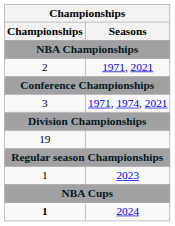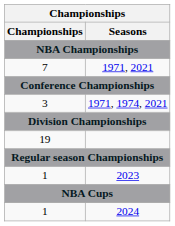 <table class="wikitable sortable" style="text-align:center">
 <tr>
 <th colspan="5">Championships</th>
 </tr>
 <tr>
 <th>Championships</th>
 <th>Seasons</th>
 </tr>
 <tr>
 <th colspan="5" style="text-align:center; background:#A1A1A4; color:#061922;">NBA Championships</th>
 </tr>
 <tr>
-<td>2</td>
+<td>7</td>
 <td><a href='#'>1971</a>, <a href='#'>2021</a></td>
 </tr>
 <tr>
 <th colspan="5" style="text-align:center; background:#A1A1A4; color:#061922;">Conference Championships</th>
 </tr>
 <tr>
 <td>3</td>
 <td><a href='#'>1971</a>, <a href='#'>1974</a>, <a href='#'>2021</a></td>
 </tr>
 <tr>
 <th colspan="5" style="text-align:center; background:#A1A1A4; color:#061922;">Division Championships</th>
 </tr>
 <tr>
 <td>19</td>
 <td></td>
 </tr>
 <tr>
 <th colspan="5" style="text-align:center; background:#A1A1A4; color:#061922;">Regular season Championships</th>
 </tr>
 <tr>
 <td>1</td>
 <td><a href='#'>2023</a></td>
 </tr>
 <tr>
 <th colspan="5" style="text-align:center; background:#A1A1A4; color:#061922;">NBA Cups</th>
 </tr>
 <tr>
-<td><strong>1</strong></td>
+<td>1</td>
 <td><a href='#'>2024</a></td>
 </tr>
 </table>
